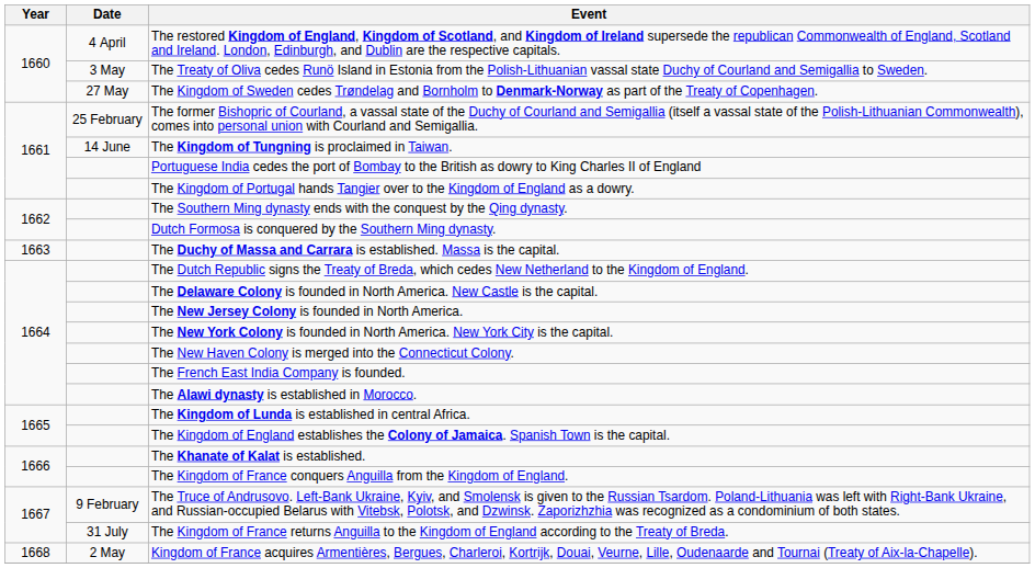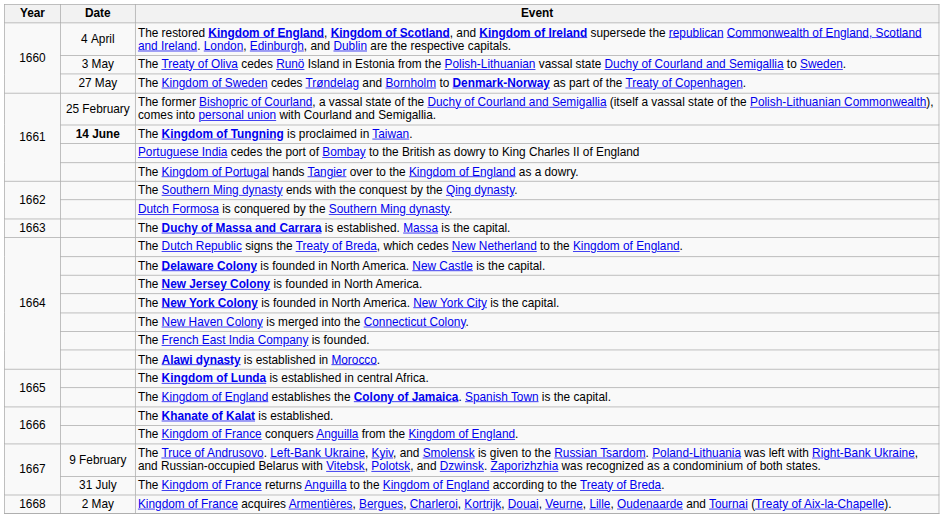 <table class=wikitable style="width:100%;">
 <tr>
 <th style="width:6%">Year</th>
 <th style="width:8%">Date</th>
 <th style="width:86%">Event</th>
 </tr>
 <tr>
 <td rowspan=3 align=center>1660</td>
 <td align=center>4 April</td>
 <td>The restored <strong><a href='#'>Kingdom of England</a></strong>, <strong><a href='#'>Kingdom of Scotland</a></strong>, and <strong><a href='#'>Kingdom of Ireland</a></strong> supersede the <a href='#'>republican</a> <a href='#'>Commonwealth of England, Scotland and Ireland</a>. <a href='#'>London</a>, <a href='#'>Edinburgh</a>, and <a href='#'>Dublin</a> are the respective capitals.</td>
 </tr>
 <tr>
 <td align=center>3 May</td>
 <td>The <a href='#'>Treaty of Oliva</a> cedes <a href='#'>Runö</a> Island in Estonia from the <a href='#'>Polish-Lithuanian</a> vassal state <a href='#'>Duchy of Courland and Semigallia</a> to <a href='#'>Sweden</a>.</td>
 </tr>
 <tr>
 <td align=center>27 May</td>
 <td>The <a href='#'>Kingdom of Sweden</a> cedes <a href='#'>Trøndelag</a> and <a href='#'>Bornholm</a> to <strong><a href='#'>Denmark-Norway</a></strong> as part of the <a href='#'>Treaty of Copenhagen</a>.</td>
 </tr>
 <tr>
 <td rowspan=4 align=center>1661</td>
 <td align=center>25 February</td>
 <td>The former <a href='#'>Bishopric of Courland</a>, a vassal state of the <a href='#'>Duchy of Courland and Semigallia</a> (itself a vassal state of the <a href='#'>Polish-Lithuanian Commonwealth</a>), comes into <a href='#'>personal union</a> with Courland and Semigallia.</td>
 </tr>
 <tr>
-<td align=center>14 June</td>
+<td align=center><strong>14 June</strong></td>
 <td>The <strong><a href='#'>Kingdom of Tungning</a></strong> is proclaimed in <a href='#'>Taiwan</a>.</td>
 </tr>
 <tr>
 <td></td>
 <td><a href='#'>Portuguese India</a> cedes the port of <a href='#'>Bombay</a> to the British as dowry to King Charles II of England</td>
 </tr>
 <tr>
 <td></td>
 <td>The <a href='#'>Kingdom of Portugal</a> hands <a href='#'>Tangier</a> over to the <a href='#'>Kingdom of England</a> as a dowry.</td>
 </tr>
 <tr>
 <td rowspan=2 align=center>1662</td>
 <td></td>
 <td>The <a href='#'>Southern Ming dynasty</a> ends with the conquest by the <a href='#'>Qing dynasty</a>.</td>
 </tr>
 <tr>
 <td></td>
 <td><a href='#'>Dutch Formosa</a> is conquered by the <a href='#'>Southern Ming dynasty</a>.</td>
 </tr>
 <tr>
 <td align=center>1663</td>
 <td></td>
 <td>The <strong><a href='#'>Duchy of Massa and Carrara</a></strong> is established. <a href='#'>Massa</a> is the capital.</td>
 </tr>
 <tr>
 <td rowspan=7 align=center>1664</td>
 <td></td>
 <td>The <a href='#'>Dutch Republic</a> signs the <a href='#'>Treaty of Breda</a>, which cedes <a href='#'>New Netherland</a> to the <a href='#'>Kingdom of England</a>.</td>
 </tr>
 <tr>
 <td></td>
 <td>The <strong><a href='#'>Delaware Colony</a></strong> is founded in North America. <a href='#'>New Castle</a> is the capital.</td>
 </tr>
 <tr>
 <td></td>
 <td>The <strong><a href='#'>New Jersey Colony</a></strong> is founded in North America.</td>
 </tr>
 <tr>
 <td></td>
 <td>The <strong><a href='#'>New York Colony</a></strong> is founded in North America. <a href='#'>New York City</a> is the capital.</td>
 </tr>
 <tr>
 <td></td>
 <td>The <a href='#'>New Haven Colony</a> is merged into the <a href='#'>Connecticut Colony</a>.</td>
 </tr>
 <tr>
 <td></td>
 <td>The <a href='#'>French East India Company</a> is founded.</td>
 </tr>
 <tr>
 <td></td>
 <td>The <strong><a href='#'>Alawi dynasty</a></strong> is established in <a href='#'>Morocco</a>.</td>
 </tr>
 <tr>
 <td rowspan=2 align=center>1665</td>
 <td></td>
 <td>The <strong><a href='#'>Kingdom of Lunda</a></strong> is established in central Africa.</td>
 </tr>
 <tr>
 <td></td>
 <td>The <a href='#'>Kingdom of England</a> establishes the <strong><a href='#'>Colony of Jamaica</a></strong>. <a href='#'>Spanish Town</a> is the capital.</td>
 </tr>
 <tr>
 <td rowspan=2 align=center>1666</td>
 <td></td>
 <td>The <strong><a href='#'>Khanate of Kalat</a></strong> is established.</td>
 </tr>
 <tr>
 <td></td>
 <td>The <a href='#'>Kingdom of France</a> conquers <a href='#'>Anguilla</a> from the <a href='#'>Kingdom of England</a>.</td>
 </tr>
 <tr>
 <td rowspan="2" align=center>1667</td>
 <td align=center>9 February</td>
 <td>The <a href='#'>Truce of Andrusovo</a>. <a href='#'>Left-Bank Ukraine</a>, <a href='#'>Kyiv</a>, and <a href='#'>Smolensk</a> is given to the <a href='#'>Russian Tsardom</a>. <a href='#'>Poland-Lithuania</a> was left with <a href='#'>Right-Bank Ukraine</a>, and Russian-occupied Belarus with <a href='#'>Vitebsk</a>, <a href='#'>Polotsk</a>, and <a href='#'>Dzwinsk</a>. <a href='#'>Zaporizhzhia</a> was recognized as a condominium of both states.</td>
 </tr>
 <tr>
 <td align=center>31 July</td>
 <td>The <a href='#'>Kingdom of France</a> returns <a href='#'>Anguilla</a> to the <a href='#'>Kingdom of England</a> according to the <a href='#'>Treaty of Breda</a>.</td>
 </tr>
 <tr>
 <td align=center>1668</td>
 <td align=center>2 May</td>
 <td><a href='#'>Kingdom of France</a> acquires <a href='#'>Armentières</a>, <a href='#'>Bergues</a>, <a href='#'>Charleroi</a>, <a href='#'>Kortrijk</a>, <a href='#'>Douai</a>, <a href='#'>Veurne</a>, <a href='#'>Lille</a>, <a href='#'>Oudenaarde</a> and <a href='#'>Tournai</a> (<a href='#'>Treaty of Aix-la-Chapelle</a>).</td>
 </tr>
 <tr>
 </tr>
 </table>
